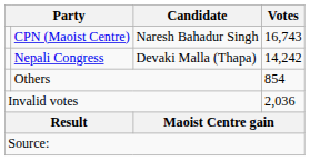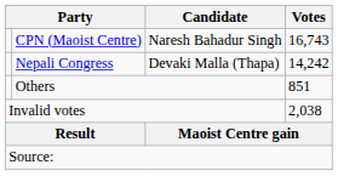 <table class="wikitable">
 <tr>
 <th colspan="2">Party</th>
 <th>Candidate</th>
 <th>Votes</th>
 </tr>
 <tr>
 <td style="color:inherit;background-color:"></td>
 <td><a href='#'>CPN (Maoist Centre)</a></td>
 <td>Naresh Bahadur Singh</td>
 <td>16,743</td>
 </tr>
 <tr>
 <td style="color:inherit;background-color:"></td>
 <td><a href='#'>Nepali Congress</a></td>
 <td>Devaki Malla (Thapa)</td>
 <td>14,242</td>
 </tr>
 <tr>
 <td></td>
 <td colspan="2">Others</td>
-<td>854</td>
+<td>851</td>
 </tr>
 <tr>
 <td colspan="3">Invalid votes</td>
-<td>2,036</td>
+<td>2,038</td>
 </tr>
 <tr>
 <th colspan="2">Result</th>
 <th colspan="2">Maoist Centre gain</th>
 </tr>
 <tr>
 <td colspan="4">Source: </td>
 </tr>
 </table>
